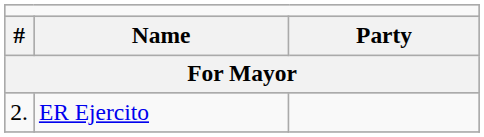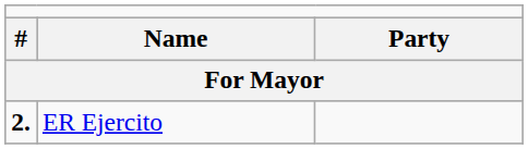 <table class=wikitable style="font-size:90%">
 <tr>
 <td colspan=4 bgcolor=></td>
 </tr>
 <tr>
 <th>#</th>
 <th width=150px>Name</th>
 <th colspan=2 width=110px>Party</th>
 </tr>
 <tr>
 <th colspan="4">For Mayor</th>
 </tr>
 <tr>
-<td>2.</td>
+<td><strong>2.</strong></td>
 <td><a href='#'>ER Ejercito</a></td>
 <td></td>
 </tr>
 </table>
